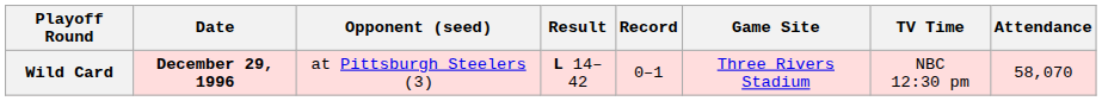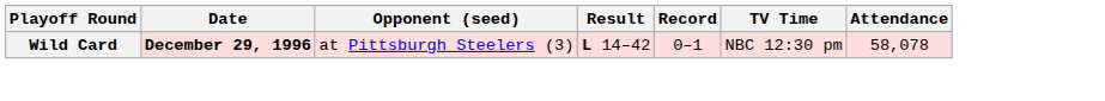 <table class="wikitable" style="text-align:center;">
 <tr>
 <th>Playoff Round</th>
 <th>Date</th>
 <th>Opponent (seed)</th>
 <th>Result</th>
 <th>Record</th>
-<th>Game Site</th>
 <th>TV Time</th>
 <th>Attendance</th>
 </tr>
 <tr bgcolor="#ffdddd">
 <th>Wild Card</th>
 <td><strong>December 29, 1996</strong></td>
 <td>at <a href='#'>Pittsburgh Steelers</a> (3)</td>
 <td><strong>L</strong> 14–42</td>
 <td>0–1</td>
-<td><a href='#'>Three Rivers Stadium</a></td>
 <td>NBC 12:30 pm</td>
-<td>58,070</td>
+<td>58,078</td>
 </tr>
 </table>
